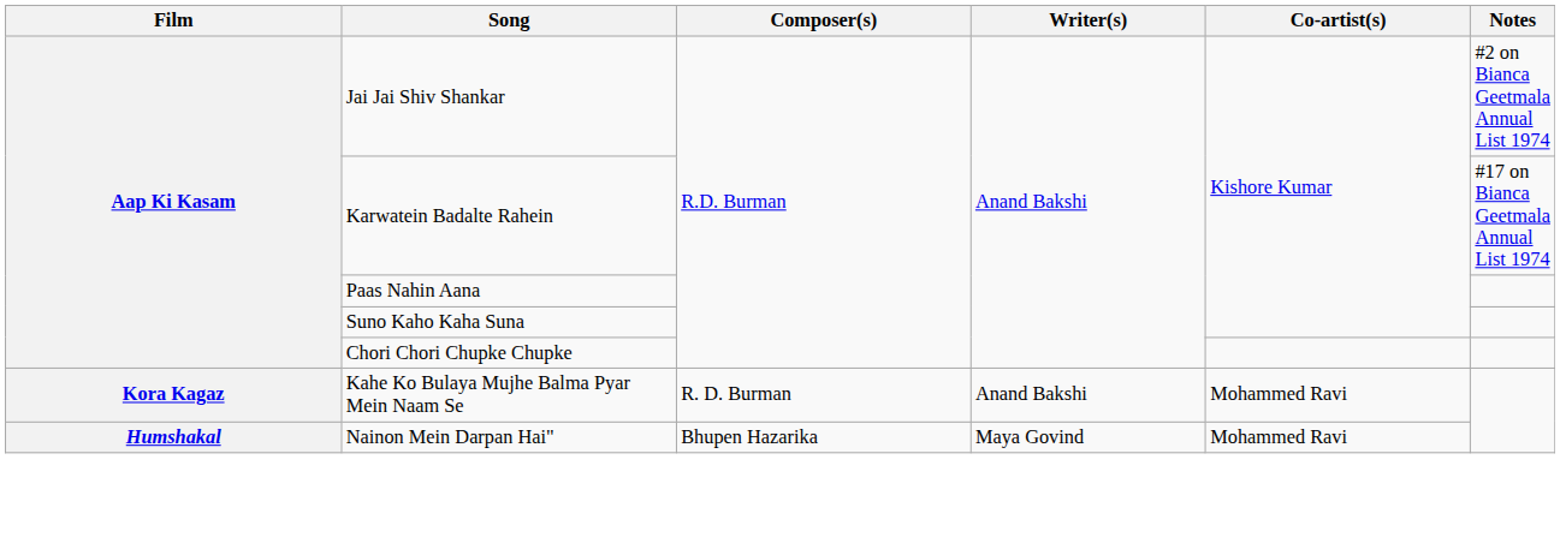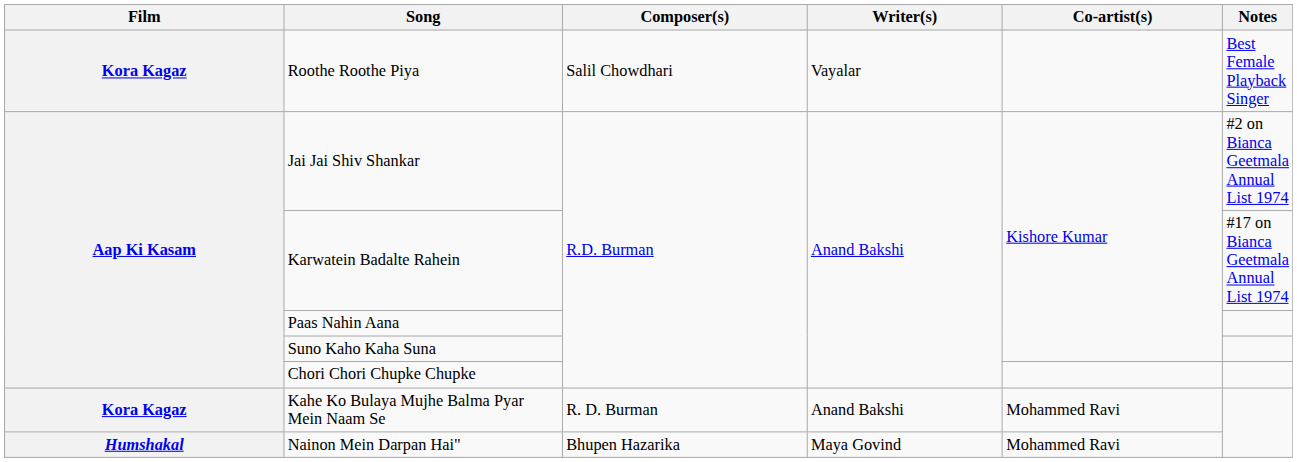 <table class="wikitable plainrowheaders" style="width:100%; textcolor:#000">
 <tr style="background:#b0e0e66;">
 <th scope="col" style="width:23%;"><strong>Film</strong></th>
 <th scope="col" style="width:23%;"><strong>Song</strong></th>
 <th scope="col" style="width:20%;"><strong>Composer(s)</strong></th>
 <th scope="col" style="width:16%;"><strong>Writer(s)</strong></th>
 <th scope="col" style="width:18%;"><strong>Co-artist(s)</strong></th>
 <th scope="col" style="width:18%;"><strong>Notes</strong></th>
+</tr>
+<tr>
+<th><a href='#'>Kora Kagaz</a></th>
+<td>Roothe Roothe Piya</td>
+<td>Salil Chowdhari</td>
+<td>Vayalar</td>
+<td></td>
+<td><a href='#'>Best Female Playback Singer</a></td>
 </tr>
 <tr>
 <th rowspan="5"><a href='#'>Aap Ki Kasam</a></th>
 <td>Jai Jai Shiv Shankar</td>
 <td rowspan="5"><a href='#'>R.D. Burman</a></td>
 <td rowspan="5"><a href='#'>Anand Bakshi</a></td>
 <td rowspan="4"><a href='#'>Kishore Kumar</a></td>
 <td>#2 on <a href='#'>Bianca Geetmala Annual List 1974</a></td>
 </tr>
 <tr>
 <td>Karwatein Badalte Rahein</td>
 <td>#17 on <a href='#'>Bianca Geetmala Annual List 1974</a></td>
 </tr>
 <tr>
 <td>Paas Nahin Aana</td>
 <td></td>
 </tr>
 <tr>
 <td>Suno Kaho Kaha Suna</td>
 <td></td>
 </tr>
 <tr>
 <td>Chori Chori Chupke Chupke</td>
 <td></td>
 <td></td>
 </tr>
 <tr>
 <th><a href='#'>Kora Kagaz</a></th>
 <td>Kahe Ko Bulaya Mujhe Balma Pyar Mein Naam Se</td>
 <td>R. D. Burman</td>
 <td>Anand Bakshi</td>
 <td>Mohammed Ravi</td>
 </tr>
 <tr>
 <th><em><a href='#'>Humshakal</a></em></th>
 <td>Nainon Mein Darpan Hai"</td>
 <td>Bhupen Hazarika</td>
 <td>Maya Govind</td>
 <td>Mohammed Ravi</td>
 </tr>
 </table>
